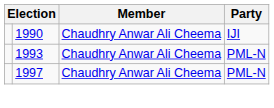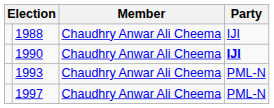 <table class="wikitable">
 <tr>
 <th colspan="2">Election</th>
 <th>Member</th>
 <th>Party</th>
 </tr>
 <tr>
 <td style="background-color: "></td>
+<td><a href='#'>1988</a></td>
+<td><a href='#'>Chaudhry Anwar Ali Cheema</a></td>
+<td><a href='#'>IJI</a></td>
+</tr>
+<tr>
+<td style="background-color: "></td>
 <td><a href='#'>1990</a></td>
 <td><a href='#'>Chaudhry Anwar Ali Cheema</a></td>
-<td><a href='#'>IJI</a></td>
+<td><strong><a href='#'>IJI</a></strong></td>
 </tr>
 <tr>
 <td style="background-color: "></td>
 <td><a href='#'>1993</a></td>
 <td><a href='#'>Chaudhry Anwar Ali Cheema</a></td>
 <td><a href='#'>PML-N</a></td>
 </tr>
 <tr>
 <td style="background-color: "></td>
 <td><a href='#'>1997</a></td>
 <td><a href='#'>Chaudhry Anwar Ali Cheema</a></td>
 <td><a href='#'>PML-N</a></td>
 </tr>
 </table>
